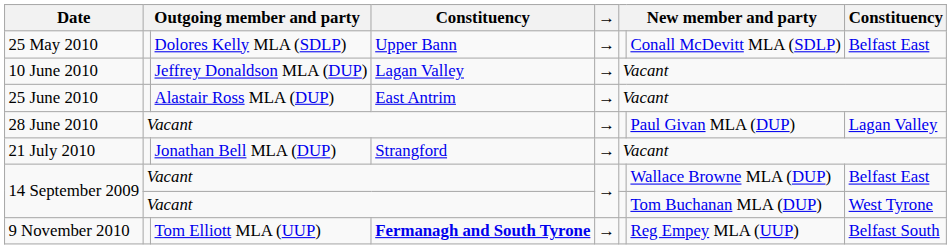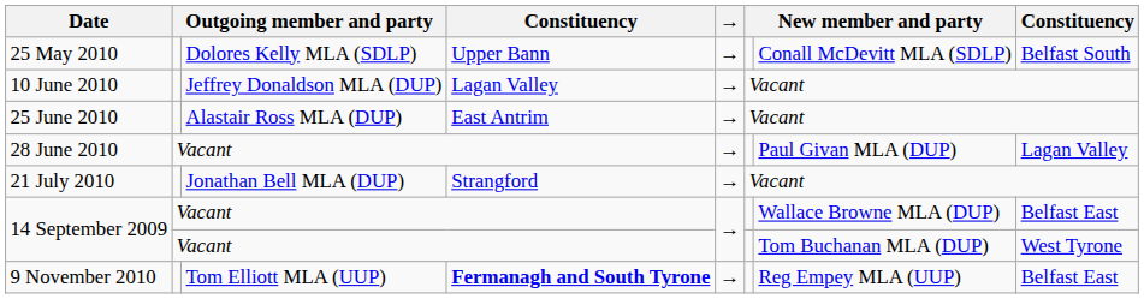 <table class="wikitable">
 <tr>
 <th valign="top">Date</th>
 <th colspan="2" valign="top">Outgoing member and party</th>
 <th valign="top">Constituency</th>
 <th>→</th>
 <th colspan="2" valign="top">New member and party</th>
 <th valign="top">Constituency</th>
 </tr>
 <tr>
 <td>25 May 2010</td>
 <td></td>
 <td><a href='#'>Dolores Kelly</a> MLA (<a href='#'>SDLP</a>)</td>
 <td><a href='#'>Upper Bann</a></td>
 <td>→</td>
 <td></td>
 <td><a href='#'>Conall McDevitt</a> MLA (<a href='#'>SDLP</a>)</td>
-<td><a href='#'>Belfast East</a></td>
+<td><a href='#'>Belfast South</a></td>
 </tr>
 <tr>
 <td>10 June 2010</td>
 <td></td>
 <td><a href='#'>Jeffrey Donaldson</a> MLA (<a href='#'>DUP</a>)</td>
 <td><a href='#'>Lagan Valley</a></td>
 <td>→</td>
 <td colspan=3><em>Vacant</em></td>
 </tr>
 <tr>
 <td>25 June 2010</td>
 <td></td>
 <td><a href='#'>Alastair Ross</a> MLA (<a href='#'>DUP</a>)</td>
 <td><a href='#'>East Antrim</a></td>
 <td>→</td>
 <td colspan=3><em>Vacant</em></td>
 </tr>
 <tr>
 <td>28 June 2010</td>
 <td colspan=3><em>Vacant</em></td>
 <td>→</td>
 <td></td>
 <td><a href='#'>Paul Givan</a> MLA (<a href='#'>DUP</a>)</td>
 <td><a href='#'>Lagan Valley</a></td>
 </tr>
 <tr>
 <td>21 July 2010</td>
 <td></td>
 <td><a href='#'>Jonathan Bell</a> MLA (<a href='#'>DUP</a>)</td>
 <td><a href='#'>Strangford</a></td>
 <td>→</td>
 <td colspan=3><em>Vacant</em></td>
 </tr>
 <tr>
 <td rowspan=2>14 September 2009</td>
 <td colspan=3><em>Vacant</em></td>
 <td rowspan=2>→</td>
 <td></td>
 <td><a href='#'>Wallace Browne</a> MLA (<a href='#'>DUP</a>)</td>
 <td><a href='#'>Belfast East</a></td>
 </tr>
 <tr>
 <td colspan=3><em>Vacant</em></td>
 <td></td>
 <td><a href='#'>Tom Buchanan</a> MLA (<a href='#'>DUP</a>)</td>
 <td><a href='#'>West Tyrone</a></td>
 </tr>
 <tr>
 <td>9 November 2010</td>
 <td></td>
 <td><a href='#'>Tom Elliott</a> MLA (<a href='#'>UUP</a>)</td>
 <td><strong><a href='#'>Fermanagh and South Tyrone</a></strong></td>
 <td>→</td>
 <td></td>
 <td><a href='#'>Reg Empey</a> MLA (<a href='#'>UUP</a>)</td>
-<td><a href='#'>Belfast South</a></td>
+<td><a href='#'>Belfast East</a></td>
 </tr>
 </table>
